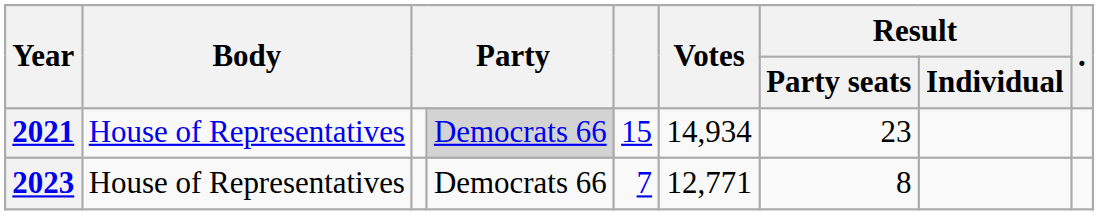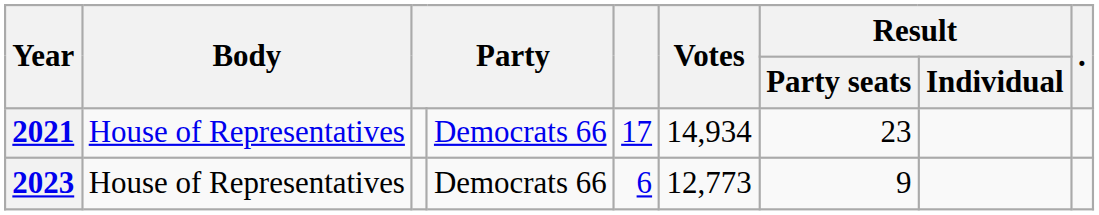 <table class="wikitable plainrowheaders sortable" border=2 cellpadding=4 cellspacing=0 style="border: 1px #aaa solid; font-size: 90%; text-align:center;">
 <tr>
 <th scope="col" rowspan=2>Year</th>
 <th scope="col" rowspan=2>Body</th>
 <th scope="col" colspan=2 rowspan=2>Party</th>
 <th scope="col" rowspan=2></th>
 <th scope="col" rowspan=2>Votes</th>
 <th scope="colgroup" colspan=2>Result</th>
 <th scope="col" rowspan=2 class="unsortable">.</th>
 </tr>
 <tr>
 <th scope="col">Party seats</th>
 <th scope="col">Individual</th>
 </tr>
 <tr>
 <th scope="row"><a href='#'>2021</a></th>
 <td><a href='#'>House of Representatives</a></td>
 <td style="background-color:"></td>
-<td style="background: lightgrey;"><a href='#'>Democrats 66</a></td>
-<td style=text-align:right><a href='#'>15</a></td>
+<td><a href='#'>Democrats 66</a></td>
+<td style=text-align:right><a href='#'>17</a></td>
 <td style=text-align:right>14,934</td>
 <td style=text-align:right>23</td>
 <td></td>
 <td></td>
 </tr>
 <tr>
 <th scope="row"><a href='#'>2023</a></th>
 <td>House of Representatives</td>
 <td style="background-color:"></td>
 <td>Democrats 66</td>
-<td style=text-align:right><a href='#'>7</a></td>
-<td style=text-align:right>12,771</td>
-<td style=text-align:right>8</td>
+<td style=text-align:right><a href='#'>6</a></td>
+<td style=text-align:right>12,773</td>
+<td style=text-align:right>9</td>
 <td></td>
 <td></td>
 </tr>
 </table>
